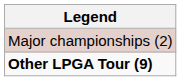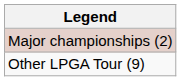 <table class="wikitable" style="font-size:95%;">
 <tr>
 <th>Legend</th>
 </tr>
 <tr style="background:#e5d1cb;">
 <td>Major championships (2)</td>
 </tr>
 <tr>
-<td><strong>Other LPGA Tour (9)</strong></td>
+<td>Other LPGA Tour (9)</td>
 </tr>
 </table>
